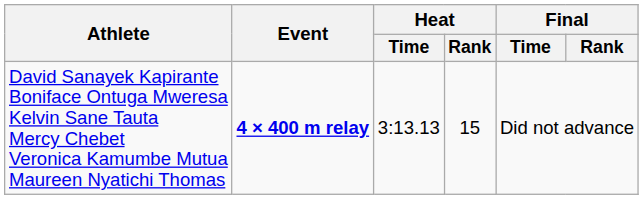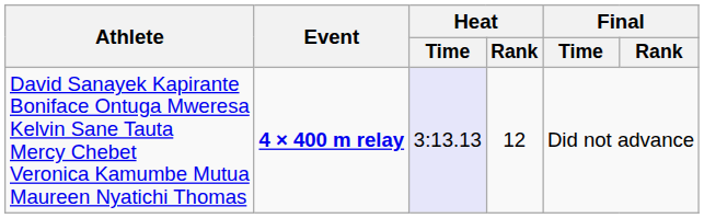 <table class=wikitable style="font-size:90%">
 <tr>
 <th rowspan=2>Athlete</th>
 <th rowspan=2>Event</th>
 <th colspan=2>Heat</th>
 <th colspan=2>Final</th>
 </tr>
 <tr style=font-size:95%>
 <th>Time</th>
 <th>Rank</th>
 <th>Time</th>
 <th>Rank</th>
 </tr>
 <tr align=center>
 <td align=left><a href='#'>David Sanayek Kapirante</a><br><a href='#'>Boniface Ontuga Mweresa</a><br><a href='#'>Kelvin Sane Tauta</a><br><a href='#'>Mercy Chebet</a><br><a href='#'>Veronica Kamumbe Mutua</a><br><a href='#'>Maureen Nyatichi Thomas</a></td>
 <td align=left><strong><a href='#'>4 × 400 m relay</a></strong></td>
-<td>3:13.13</td>
-<td>15</td>
+<td style="background: lavender;">3:13.13</td>
+<td>12</td>
 <td colspan="2">Did not advance</td>
 </tr>
 </table>
